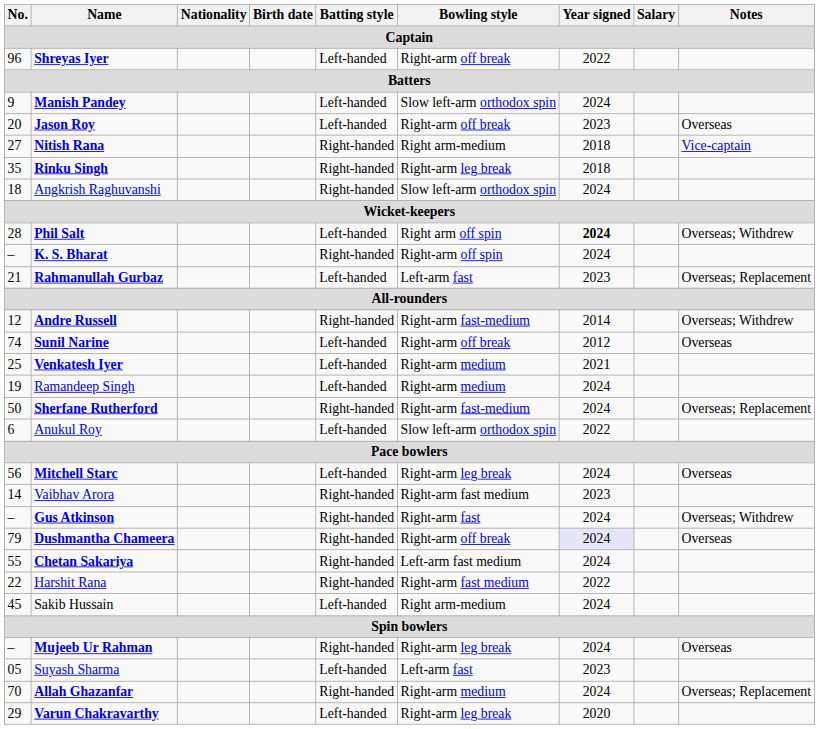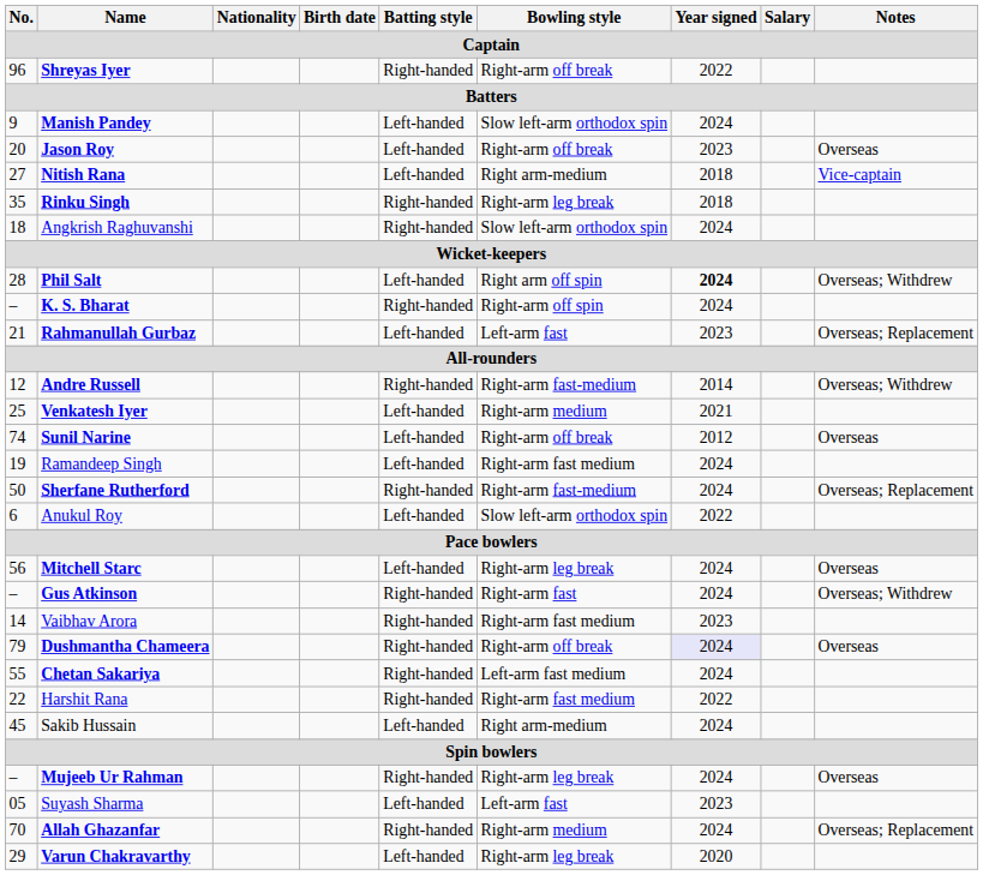 <table class="wikitable">
 <tr>
 <th>No.</th>
 <th>Name</th>
 <th>Nationality</th>
 <th>Birth date</th>
 <th>Batting style</th>
 <th>Bowling style</th>
 <th>Year signed</th>
 <th>Salary</th>
 <th>Notes</th>
 </tr>
 <tr>
 <th colspan="9"  style="background:#dcdcdc; text-align:center;">Captain</th>
 </tr>
 <tr>
 <td>96</td>
 <td><strong><a href='#'>Shreyas Iyer</a></strong></td>
 <td></td>
 <td></td>
-<td>Left-handed</td>
+<td>Right-handed</td>
 <td>Right-arm <a href='#'>off break</a></td>
 <td style="text-align:center;">2022</td>
 <td style="text-align:right;"></td>
 <td></td>
 </tr>
 <tr>
 <th colspan="9"  style="background:#dcdcdc; text-align:center;">Batters</th>
 </tr>
 <tr>
 <td>9</td>
 <td><strong><a href='#'>Manish Pandey</a></strong></td>
 <td></td>
 <td></td>
 <td>Left-handed</td>
 <td>Slow left-arm <a href='#'>orthodox spin</a></td>
 <td style="text-align:center;">2024</td>
 <td style="text-align:right;"></td>
 <td></td>
 </tr>
 <tr>
 <td>20</td>
 <td><strong><a href='#'>Jason Roy</a></strong></td>
 <td></td>
 <td></td>
 <td>Left-handed</td>
 <td>Right-arm <a href='#'>off break</a></td>
 <td style="text-align:center;">2023</td>
 <td style="text-align:right;"></td>
 <td>Overseas</td>
 </tr>
 <tr>
 <td>27</td>
 <td><strong><a href='#'>Nitish Rana</a></strong></td>
 <td></td>
 <td></td>
-<td>Right-handed</td>
+<td>Left-handed</td>
 <td>Right arm-medium</td>
 <td style="text-align:center;">2018</td>
 <td style="text-align:right;"></td>
 <td><a href='#'>Vice-captain</a></td>
 </tr>
 <tr>
 <td>35</td>
 <td><strong><a href='#'>Rinku Singh</a></strong></td>
 <td></td>
 <td></td>
 <td>Right-handed</td>
 <td>Right-arm <a href='#'>leg break</a></td>
 <td style="text-align:center;">2018</td>
 <td style="text-align:right;"></td>
 <td></td>
 </tr>
 <tr>
 <td>18</td>
 <td><a href='#'>Angkrish Raghuvanshi</a></td>
 <td></td>
 <td></td>
 <td>Right-handed</td>
 <td>Slow left-arm <a href='#'>orthodox spin</a></td>
 <td style="text-align:center;">2024</td>
 <td style="text-align:right;"></td>
 <td></td>
 </tr>
 <tr>
 <th colspan="9"  style="background:#dcdcdc; text-align:center;">Wicket-keepers</th>
 </tr>
 <tr>
 <td>28</td>
 <td><strong><a href='#'>Phil Salt</a></strong></td>
 <td></td>
 <td></td>
 <td>Left-handed</td>
 <td>Right arm <a href='#'>off spin</a></td>
 <td style="text-align:center;"><strong>2024</strong></td>
 <td style="text-align:right;"></td>
 <td>Overseas; Withdrew</td>
 </tr>
 <tr>
 <td>–</td>
 <td><strong><a href='#'>K. S. Bharat</a></strong></td>
 <td></td>
 <td></td>
 <td>Right-handed</td>
 <td>Right-arm <a href='#'>off spin</a></td>
 <td style="text-align:center;">2024</td>
 <td style="text-align:right;"></td>
 <td></td>
 </tr>
 <tr>
 <td>21</td>
 <td><strong><a href='#'>Rahmanullah Gurbaz</a></strong></td>
 <td></td>
 <td></td>
 <td>Left-handed</td>
 <td>Left-arm <a href='#'>fast</a></td>
 <td style="text-align:center;">2023</td>
 <td style="text-align:right;"></td>
 <td>Overseas; Replacement</td>
 </tr>
 <tr>
 <th colspan="9"  style="background:#dcdcdc; text-align:center;">All-rounders</th>
 </tr>
 <tr>
 <td>12</td>
 <td><strong><a href='#'>Andre Russell</a></strong></td>
 <td></td>
 <td></td>
 <td>Right-handed</td>
 <td>Right-arm <a href='#'>fast-medium</a></td>
 <td style="text-align:center;">2014</td>
 <td style="text-align:right;"></td>
 <td>Overseas; Withdrew</td>
 </tr>
 <tr>
+<td>25</td>
+<td><strong><a href='#'>Venkatesh Iyer</a></strong></td>
+<td></td>
+<td></td>
+<td>Left-handed</td>
+<td>Right-arm <a href='#'>medium</a></td>
+<td style="text-align:center;">2021</td>
+<td style="text-align:right;"></td>
+<td></td>
+</tr>
+<tr>
 <td>74</td>
 <td><strong><a href='#'>Sunil Narine</a></strong></td>
 <td></td>
 <td></td>
 <td>Left-handed</td>
 <td>Right-arm <a href='#'>off break</a></td>
 <td style="text-align:center;">2012</td>
 <td style="text-align:right;"></td>
 <td>Overseas</td>
 </tr>
 <tr>
-<td>25</td>
-<td><strong><a href='#'>Venkatesh Iyer</a></strong></td>
-<td></td>
-<td></td>
-<td>Left-handed</td>
-<td>Right-arm <a href='#'>medium</a></td>
-<td style="text-align:center;">2021</td>
-<td style="text-align:right;"></td>
-<td></td>
-</tr>
-<tr>
 <td>19</td>
 <td><a href='#'>Ramandeep Singh</a></td>
 <td></td>
 <td></td>
 <td>Left-handed</td>
-<td>Right-arm <a href='#'>medium</a></td>
+<td>Right-arm fast medium</td>
 <td style="text-align:center;">2024</td>
 <td style="text-align:right;"></td>
 <td></td>
 </tr>
 <tr>
 <td>50</td>
 <td><strong><a href='#'>Sherfane Rutherford</a></strong></td>
 <td></td>
 <td></td>
 <td>Right-handed</td>
 <td>Right-arm <a href='#'>fast-medium</a></td>
 <td style="text-align:center;">2024</td>
 <td style="text-align:right;"></td>
 <td>Overseas; Replacement</td>
 </tr>
 <tr>
 <td>6</td>
 <td><a href='#'>Anukul Roy</a></td>
 <td></td>
 <td></td>
 <td>Left-handed</td>
 <td>Slow left-arm <a href='#'>orthodox spin</a></td>
 <td style="text-align:center;">2022</td>
 <td style="text-align:right;"></td>
 <td></td>
 </tr>
 <tr>
 <th colspan="9"  style="background:#dcdcdc; text-align:center;">Pace bowlers</th>
 </tr>
 <tr>
 <td>56</td>
 <td><strong><a href='#'>Mitchell Starc</a></strong></td>
 <td></td>
 <td></td>
 <td>Left-handed</td>
 <td>Right-arm <a href='#'>leg break</a></td>
 <td style="text-align:center;">2024</td>
 <td style="text-align:right;"></td>
 <td>Overseas</td>
 </tr>
 <tr>
+<td>–</td>
+<td><strong><a href='#'>Gus Atkinson</a></strong></td>
+<td></td>
+<td></td>
+<td>Right-handed</td>
+<td>Right-arm <a href='#'>fast</a></td>
+<td style="text-align:center;">2024</td>
+<td style="text-align:right;"></td>
+<td>Overseas; Withdrew</td>
+</tr>
+<tr>
 <td>14</td>
 <td><a href='#'>Vaibhav Arora</a></td>
 <td></td>
 <td></td>
 <td>Right-handed</td>
 <td>Right-arm fast medium</td>
 <td style="text-align:center;">2023</td>
 <td style="text-align:right;"></td>
 <td></td>
-</tr>
-<tr>
-<td>–</td>
-<td><strong><a href='#'>Gus Atkinson</a></strong></td>
-<td></td>
-<td></td>
-<td>Right-handed</td>
-<td>Right-arm <a href='#'>fast</a></td>
-<td style="text-align:center;">2024</td>
-<td style="text-align:right;"></td>
-<td>Overseas; Withdrew</td>
 </tr>
 <tr>
 <td>79</td>
 <td><strong><a href='#'>Dushmantha Chameera</a></strong></td>
 <td></td>
 <td></td>
 <td>Right-handed</td>
 <td>Right-arm <a href='#'>off break</a></td>
 <td style="background: lavender; text-align:center;">2024</td>
 <td style="text-align:right;"></td>
 <td>Overseas</td>
 </tr>
 <tr>
 <td>55</td>
 <td><strong><a href='#'>Chetan Sakariya</a></strong></td>
 <td></td>
 <td></td>
 <td>Right-handed</td>
 <td>Left-arm fast medium</td>
 <td style="text-align:center;">2024</td>
 <td style="text-align:right;"></td>
 <td></td>
 </tr>
 <tr>
 <td>22</td>
 <td><a href='#'>Harshit Rana</a></td>
 <td></td>
 <td></td>
 <td>Right-handed</td>
 <td>Right-arm <a href='#'>fast medium</a></td>
 <td style="text-align:center;">2022</td>
 <td style="text-align:right;"></td>
 <td></td>
 </tr>
 <tr>
 <td>45</td>
 <td>Sakib Hussain</td>
 <td></td>
 <td></td>
 <td>Left-handed</td>
 <td>Right arm-medium</td>
 <td style="text-align:center;">2024</td>
 <td style="text-align:right;"></td>
 <td></td>
 </tr>
 <tr>
 <th colspan="9"  style="background:#dcdcdc; text-align:center;">Spin bowlers</th>
 </tr>
 <tr>
 <td>–</td>
 <td><strong><a href='#'>Mujeeb Ur Rahman</a></strong></td>
 <td></td>
 <td></td>
 <td>Right-handed</td>
 <td>Right-arm <a href='#'>leg break</a></td>
 <td style="text-align:center;">2024</td>
 <td style="text-align:right;"></td>
 <td>Overseas</td>
 </tr>
 <tr>
 <td>05</td>
 <td><a href='#'>Suyash Sharma</a></td>
 <td></td>
 <td></td>
 <td>Left-handed</td>
 <td>Left-arm <a href='#'>fast</a></td>
 <td style="text-align:center;">2023</td>
 <td style="text-align:right;"></td>
 <td></td>
 </tr>
 <tr>
 <td>70</td>
 <td><strong><a href='#'>Allah Ghazanfar</a></strong></td>
 <td></td>
 <td></td>
 <td>Right-handed</td>
 <td>Right-arm <a href='#'>medium</a></td>
 <td style="text-align:center;">2024</td>
 <td style="text-align:right;"></td>
 <td>Overseas; Replacement</td>
 </tr>
 <tr>
 <td>29</td>
 <td><strong><a href='#'>Varun Chakravarthy</a></strong></td>
 <td></td>
 <td></td>
 <td>Left-handed</td>
 <td>Right-arm <a href='#'>leg break</a></td>
 <td style="text-align:center;">2020</td>
 <td style="text-align:right;"></td>
 <td></td>
 </tr>
 </table>
